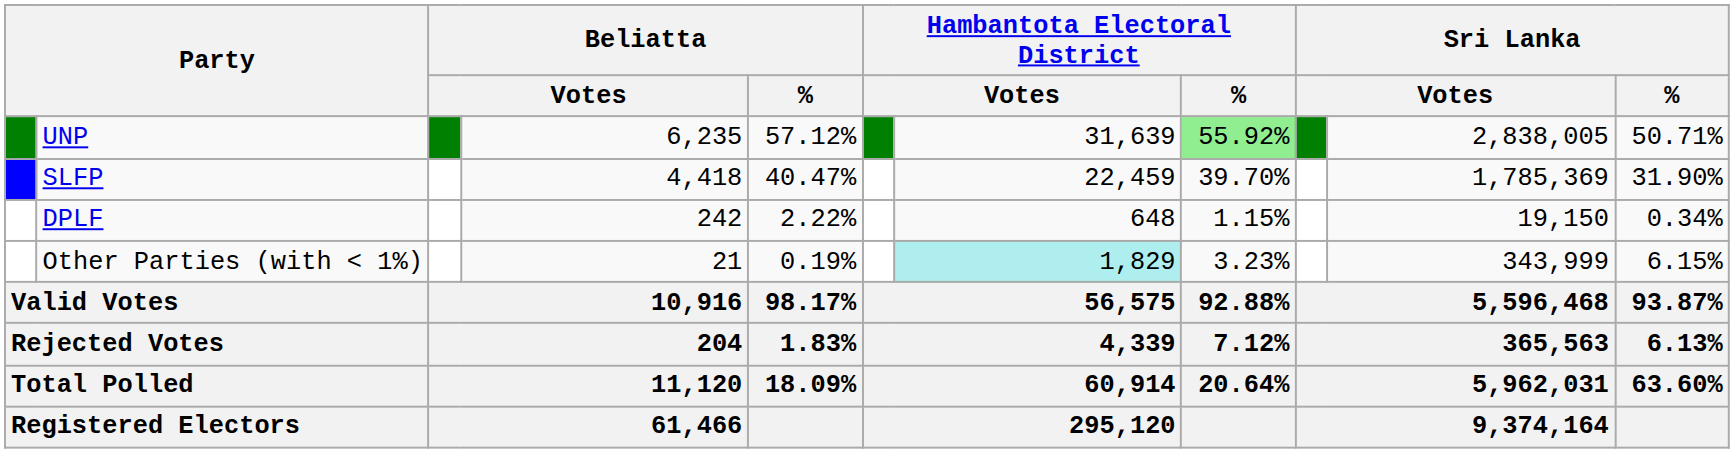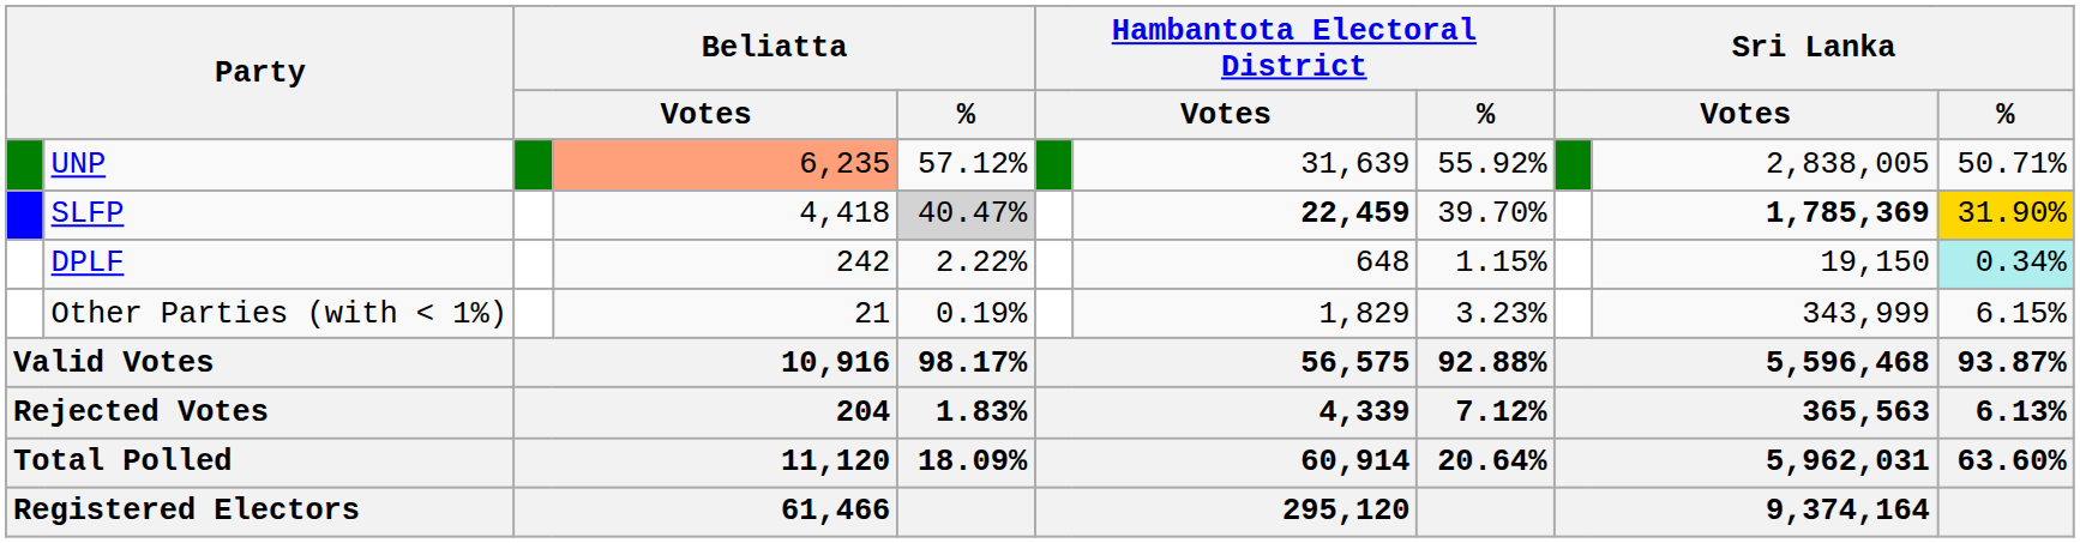 <table class="wikitable">
 <tr>
 <th colspan="2" width="144px"rowspan="2">Party</th>
 <th colspan="3" width="216px">Beliatta</th>
 <th colspan="3" width="216px"><a href='#'>Hambantota Electoral District</a></th>
 <th colspan="3" width="216px">Sri Lanka</th>
 </tr>
 <tr>
 <th colspan="2" width="144px">Votes</th>
 <th>%</th>
 <th colspan="2" width="144px">Votes</th>
 <th>%</th>
 <th colspan="2" width="144px">Votes</th>
 <th>%</th>
 </tr>
 <tr>
 <td style="background-color:green;" width="10px"></td>
 <td style="text-align:left;"><a href='#'>UNP</a></td>
 <td style="background-color:green;" width="10px"></td>
-<td style="text-align:right;">6,235</td>
+<td style="background: lightsalmon; text-align:right;">6,235</td>
 <td style="text-align:right;">57.12%</td>
 <td style="background-color:green;" width="10px"></td>
 <td style="text-align:right;">31,639</td>
-<td style="background: lightgreen; text-align:right;">55.92%</td>
+<td style="text-align:right;">55.92%</td>
 <td style="background-color:green;" width="10px"></td>
 <td style="text-align:right;">2,838,005</td>
 <td style="text-align:right;">50.71%</td>
 </tr>
 <tr>
 <td style="background-color:blue;" width="10px"></td>
 <td style="text-align:left;"><a href='#'>SLFP</a></td>
 <td style="background-color:white;" width="10px"></td>
 <td style="text-align:right;">4,418</td>
-<td style="text-align:right;">40.47%</td>
+<td style="background: lightgrey; text-align:right;">40.47%</td>
 <td style="background-color:white;" width="10px"></td>
-<td style="text-align:right;">22,459</td>
+<td style="text-align:right;"><strong>22,459</strong></td>
 <td style="text-align:right;">39.70%</td>
 <td style="background-color:white;" width="10px"></td>
-<td style="text-align:right;">1,785,369</td>
-<td style="text-align:right;">31.90%</td>
+<td style="text-align:right;"><strong>1,785,369</strong></td>
+<td style="background: gold; text-align:right;">31.90%</td>
 </tr>
 <tr>
 <td style="background-color:white;" width="10px"></td>
 <td style="text-align:left;"><a href='#'>DPLF</a></td>
 <td style="background-color:white;" width="10px"></td>
 <td style="text-align:right;">242</td>
 <td style="text-align:right;">2.22%</td>
 <td style="background-color:white;" width="10px"></td>
 <td style="text-align:right;">648</td>
 <td style="text-align:right;">1.15%</td>
 <td style="background-color:white;" width="10px"></td>
 <td style="text-align:right;">19,150</td>
-<td style="text-align:right;">0.34%</td>
+<td style="background: paleturquoise; text-align:right;">0.34%</td>
 </tr>
 <tr>
 <td style="background-color:white;" width="10px"></td>
 <td style="text-align:left;">Other Parties (with < 1%)</td>
 <td style="background-color:white;" width="10px"></td>
 <td style="text-align:right;">21</td>
 <td style="text-align:right;">0.19%</td>
 <td style="background-color:white;" width="10px"></td>
-<td style="background: paleturquoise; text-align:right;">1,829</td>
+<td style="text-align:right;">1,829</td>
 <td style="text-align:right;">3.23%</td>
 <td style="background-color:white;" width="10px"></td>
 <td style="text-align:right;">343,999</td>
 <td style="text-align:right;">6.15%</td>
 </tr>
 <tr>
 <th colspan="2" width="144px"style="text-align:left;">Valid Votes</th>
 <th style="text-align:right;"colspan="2" width="144px">10,916</th>
 <th style="text-align:right;">98.17%</th>
 <th style="text-align:right;"colspan="2" width="144px">56,575</th>
 <th style="text-align:right;">92.88%</th>
 <th style="text-align:right;"colspan="2" width="144px">5,596,468</th>
 <th style="text-align:right;">93.87%</th>
 </tr>
 <tr>
 <th colspan="2" width="144px"style="text-align:left;">Rejected Votes</th>
 <th style="text-align:right;"colspan="2" width="144px">204</th>
 <th style="text-align:right;">1.83%</th>
 <th style="text-align:right;"colspan="2" width="144px">4,339</th>
 <th style="text-align:right;">7.12%</th>
 <th style="text-align:right;"colspan="2" width="144px">365,563</th>
 <th style="text-align:right;">6.13%</th>
 </tr>
 <tr>
 <th colspan="2" width="144px"style="text-align:left;">Total Polled</th>
 <th style="text-align:right;"colspan="2" width="144px">11,120</th>
 <th style="text-align:right;">18.09%</th>
 <th style="text-align:right;"colspan="2" width="144px">60,914</th>
 <th style="text-align:right;">20.64%</th>
 <th style="text-align:right;"colspan="2" width="144px">5,962,031</th>
 <th style="text-align:right;">63.60%</th>
 </tr>
 <tr>
 <th colspan="2" width="144px"style="text-align:left;">Registered Electors</th>
 <th style="text-align:right;"colspan="2" width="144px">61,466</th>
 <th></th>
 <th style="text-align:right;"colspan="2" width="144px">295,120</th>
 <th></th>
 <th style="text-align:right;"colspan="2" width="144px">9,374,164</th>
 <th></th>
 </tr>
 </table>
